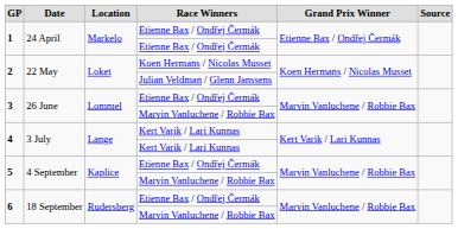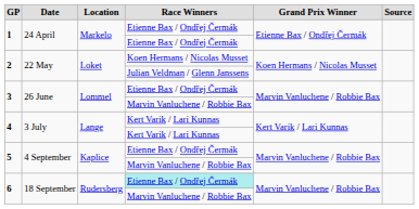 <table class="wikitable" style="font-size: 85%;">
 <tr align="center" style="background:#dfdfdf;">
 <td><strong>GP</strong></td>
 <td><strong>Date</strong></td>
 <td><strong>Location</strong></td>
 <td><strong>Race Winners</strong></td>
 <td><strong>Grand Prix Winner</strong></td>
 <td><strong>Source</strong></td>
 </tr>
 <tr>
 <td rowspan="2"><strong>1</strong></td>
 <td rowspan="2">24 April</td>
 <td rowspan="2"> <a href='#'>Markelo</a></td>
 <td> <a href='#'>Etienne Bax</a> /  <a href='#'>Ondřej Čermák</a></td>
 <td rowspan="2"> <a href='#'>Etienne Bax</a> /  <a href='#'>Ondřej Čermák</a></td>
 <td rowspan="2"></td>
 </tr>
 <tr>
 <td> <a href='#'>Etienne Bax</a> /  <a href='#'>Ondřej Čermák</a></td>
 </tr>
 <tr>
 <td rowspan="2"><strong>2</strong></td>
 <td rowspan="2">22 May</td>
 <td rowspan="2"> <a href='#'>Loket</a></td>
 <td> <a href='#'>Koen Hermans</a> /  <a href='#'>Nicolas Musset</a></td>
 <td rowspan="2"> <a href='#'>Koen Hermans</a> /  <a href='#'>Nicolas Musset</a></td>
 <td rowspan="2"></td>
 </tr>
 <tr>
 <td> <a href='#'>Julian Veldman</a> /  <a href='#'>Glenn Janssens</a></td>
 </tr>
 <tr>
 <td rowspan="2"><strong>3</strong></td>
 <td rowspan="2">26 June</td>
 <td rowspan="2"> <a href='#'>Lommel</a></td>
 <td> <a href='#'>Etienne Bax</a> /  <a href='#'>Ondřej Čermák</a></td>
 <td rowspan="2"> <a href='#'>Marvin Vanluchene</a> /  <a href='#'>Robbie Bax</a></td>
 <td rowspan="2"></td>
 </tr>
 <tr>
 <td> <a href='#'>Marvin Vanluchene</a> /  <a href='#'>Robbie Bax</a></td>
 </tr>
 <tr>
 <td rowspan="2"><strong>4</strong></td>
 <td rowspan="2">3 July</td>
 <td rowspan="2"> <a href='#'>Lange</a></td>
 <td> <a href='#'>Kert Varik</a> /  <a href='#'>Lari Kunnas</a></td>
 <td rowspan="2"> <a href='#'>Kert Varik</a> /  <a href='#'>Lari Kunnas</a></td>
 <td rowspan="2"></td>
 </tr>
 <tr>
 <td> <a href='#'>Kert Varik</a> /  <a href='#'>Lari Kunnas</a></td>
 </tr>
 <tr>
 <td rowspan="2"><strong>5</strong></td>
 <td rowspan="2">4 September</td>
 <td rowspan="2"> <a href='#'>Kaplice</a></td>
 <td> <a href='#'>Etienne Bax</a> /  <a href='#'>Ondřej Čermák</a></td>
 <td rowspan="2"> <a href='#'>Marvin Vanluchene</a> /  <a href='#'>Robbie Bax</a></td>
 <td rowspan="2"></td>
 </tr>
 <tr>
 <td> <a href='#'>Marvin Vanluchene</a> /  <a href='#'>Robbie Bax</a></td>
 </tr>
 <tr>
 <td rowspan="2"><strong>6</strong></td>
 <td rowspan="2">18 September</td>
 <td rowspan="2"> <a href='#'>Rudersberg</a></td>
-<td> <a href='#'>Etienne Bax</a> /  <a href='#'>Ondřej Čermák</a></td>
+<td style="background: paleturquoise;"> <a href='#'>Etienne Bax</a> /  <a href='#'>Ondřej Čermák</a></td>
 <td rowspan="2"> <a href='#'>Marvin Vanluchene</a> /  <a href='#'>Robbie Bax</a></td>
 <td rowspan="2"></td>
 </tr>
 <tr>
 <td> <a href='#'>Marvin Vanluchene</a> /  <a href='#'>Robbie Bax</a></td>
 </tr>
 </table>
